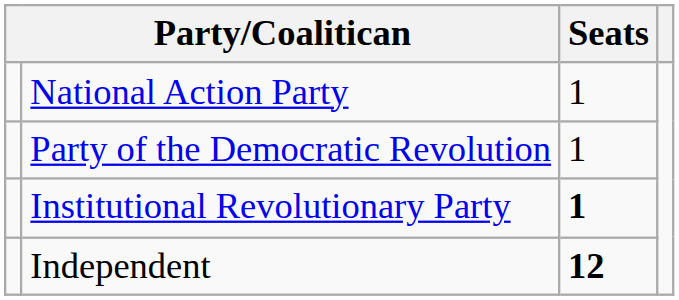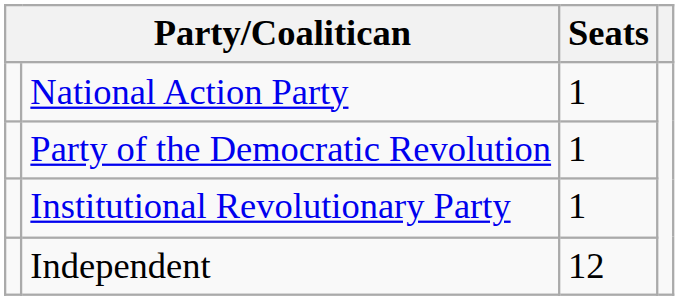 <table class="wikitable">
 <tr>
 <th colspan="2"><strong>Party/Coalitican</strong></th>
 <th>Seats</th>
 <th></th>
 </tr>
 <tr>
 <td></td>
 <td><a href='#'>National Action Party</a></td>
 <td>1</td>
 </tr>
 <tr>
 <td></td>
 <td><a href='#'>Party of the Democratic Revolution</a></td>
 <td>1</td>
 </tr>
 <tr>
 <td></td>
 <td><a href='#'>Institutional Revolutionary Party</a></td>
-<td><strong>1</strong></td>
+<td>1</td>
 </tr>
 <tr>
 <td></td>
 <td>Independent</td>
-<td><strong>12</strong></td>
+<td>12</td>
 </tr>
 </table>
